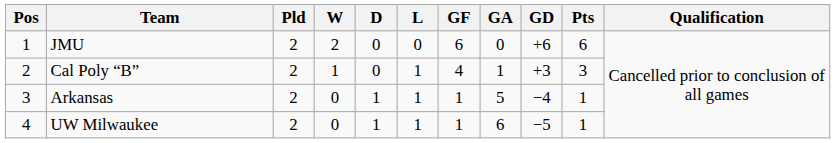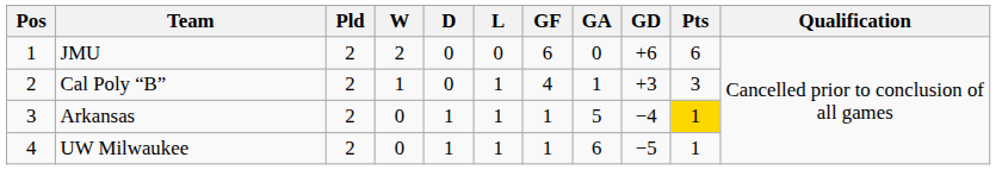 <table class="wikitable" style="text-align:center; margin: 1em auto">
 <tr>
 <th style="width:2em">Pos</th>
 <th style="width:13em">Team</th>
 <th style="width:2em">Pld</th>
 <th style="width:2em">W</th>
 <th style="width:2em">D</th>
 <th style="width:2em">L</th>
 <th style="width:2em">GF</th>
 <th style="width:2em">GA</th>
 <th style="width:2em">GD</th>
 <th style="width:2em">Pts</th>
 <th style="width:13em">Qualification</th>
 </tr>
 <tr>
 <td>1</td>
 <td style="text-align:left">JMU</td>
 <td>2</td>
 <td>2</td>
 <td>0</td>
 <td>0</td>
 <td>6</td>
 <td>0</td>
 <td>+6</td>
 <td>6</td>
 <td rowspan="4">Cancelled prior to conclusion of all games</td>
 </tr>
 <tr>
 <td>2</td>
 <td style="text-align:left">Cal Poly “B”</td>
 <td>2</td>
 <td>1</td>
 <td>0</td>
 <td>1</td>
 <td>4</td>
 <td>1</td>
 <td>+3</td>
 <td>3</td>
 </tr>
 <tr>
 <td>3</td>
 <td style="text-align:left">Arkansas</td>
 <td>2</td>
 <td>0</td>
 <td>1</td>
 <td>1</td>
 <td>1</td>
 <td>5</td>
 <td>−4</td>
-<td>1</td>
+<td style="background: gold;">1</td>
 </tr>
 <tr>
 <td>4</td>
 <td style="text-align:left">UW Milwaukee</td>
 <td>2</td>
 <td>0</td>
 <td>1</td>
 <td>1</td>
 <td>1</td>
 <td>6</td>
 <td>−5</td>
 <td>1</td>
 </tr>
 </table>
